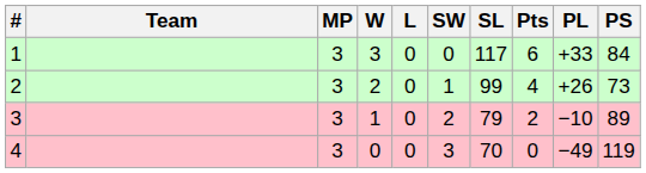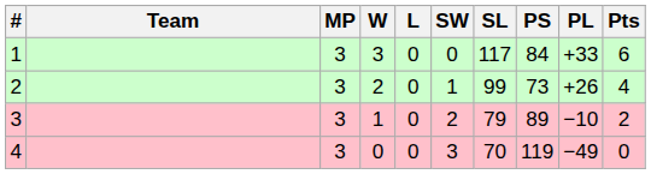 <table class=wikitable style="text-align:center">
 <tr>
 <th>#</th>
 <th width=220>Team</th>
 <th width=20>MP</th>
 <th width=20>W</th>
 <th width=20>L</th>
 <th width=20>SW</th>
 <th width=20>SL</th>
+<th width=20>PS</th>
+<th width=20>PL</th>
 <th width=20>Pts</th>
-<th width=20>PL</th>
-<th width=20>PS</th>
 </tr>
 <tr align="center" valign="top" style="background: #CCFFCC">
 <td>1</td>
 <td align=left></td>
 <td>3</td>
 <td>3</td>
 <td>0</td>
 <td>0</td>
 <td>117</td>
+<td>84</td>
+<td>+33</td>
 <td>6</td>
-<td>+33</td>
-<td>84</td>
 </tr>
 <tr align="center" valign="top" style="background: #CCFFCC">
 <td>2</td>
 <td align=left></td>
 <td>3</td>
 <td>2</td>
 <td>0</td>
 <td>1</td>
 <td>99</td>
+<td>73</td>
+<td>+26</td>
 <td>4</td>
-<td>+26</td>
-<td>73</td>
 </tr>
 <tr align="center" valign="top" style="background: pink">
 <td>3</td>
 <td align=left></td>
 <td>3</td>
 <td>1</td>
 <td>0</td>
 <td>2</td>
 <td>79</td>
+<td>89</td>
+<td>−10</td>
 <td>2</td>
-<td>−10</td>
-<td>89</td>
 </tr>
 <tr align="center" valign="top" style="background: pink">
 <td>4</td>
 <td align=left></td>
 <td>3</td>
 <td>0</td>
 <td>0</td>
 <td>3</td>
 <td>70</td>
+<td>119</td>
+<td>−49</td>
 <td>0</td>
-<td>−49</td>
-<td>119</td>
 </tr>
 </table>
